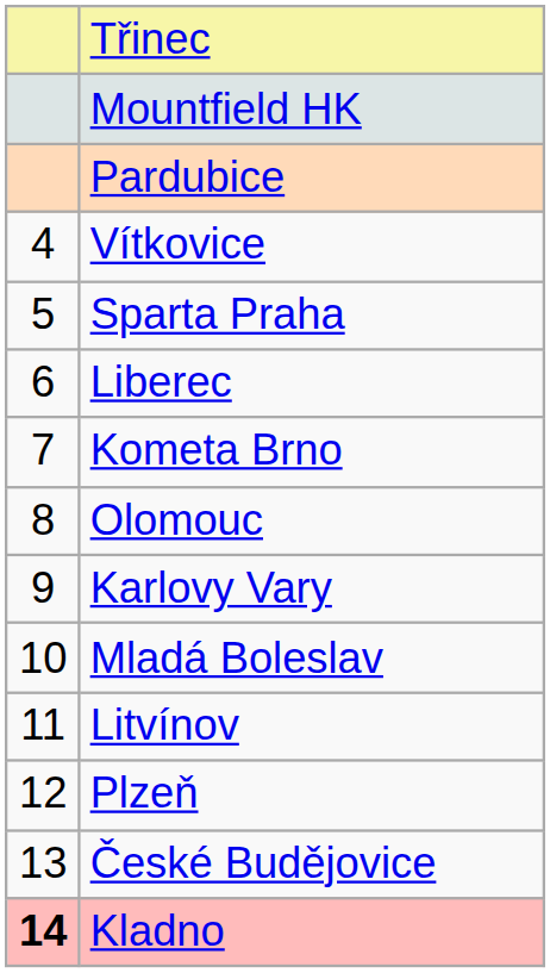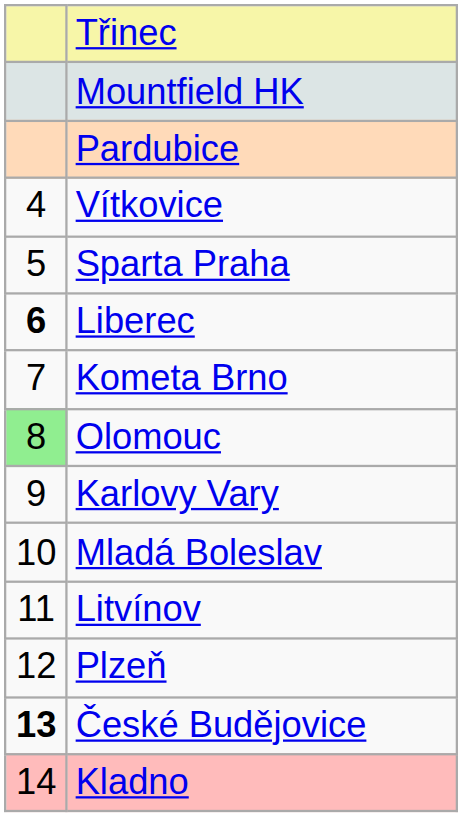 <table class="wikitable" style="width:200px;">
 <tr style="background:#F7F6A8;">
 <td align=center style="width:20px;"></td>
 <td><a href='#'>Třinec</a></td>
 </tr>
 <tr style="background:#DCE5E5;">
 <td align=center></td>
 <td><a href='#'>Mountfield HK</a></td>
 </tr>
 <tr style="background:#FFDAB9;">
 <td align=center></td>
 <td><a href='#'>Pardubice</a></td>
 </tr>
 <tr>
 <td align=center>4</td>
 <td><a href='#'>Vítkovice</a></td>
 </tr>
 <tr>
 <td align=center>5</td>
 <td><a href='#'>Sparta Praha</a></td>
 </tr>
 <tr>
-<td align=center>6</td>
+<td align=center><strong>6</strong></td>
 <td><a href='#'>Liberec</a></td>
 </tr>
 <tr>
 <td align=center>7</td>
 <td><a href='#'>Kometa Brno</a></td>
 </tr>
 <tr>
-<td align=center>8</td>
+<td align=center style="background: lightgreen;">8</td>
 <td><a href='#'>Olomouc</a></td>
 </tr>
 <tr>
 <td align=center>9</td>
 <td><a href='#'>Karlovy Vary</a></td>
 </tr>
 <tr>
 <td align=center>10</td>
 <td><a href='#'>Mladá Boleslav</a></td>
 </tr>
 <tr>
 <td align=center>11</td>
 <td><a href='#'>Litvínov</a></td>
 </tr>
 <tr>
 <td align=center>12</td>
 <td><a href='#'>Plzeň</a></td>
 </tr>
 <tr>
-<td align=center>13</td>
+<td align=center><strong>13</strong></td>
 <td><a href='#'>České Budějovice</a></td>
 </tr>
 <tr style="background:#ffbbbb;">
-<td align=center><strong>14</strong></td>
+<td align=center>14</td>
 <td><a href='#'>Kladno</a></td>
 </tr>
 </table>
